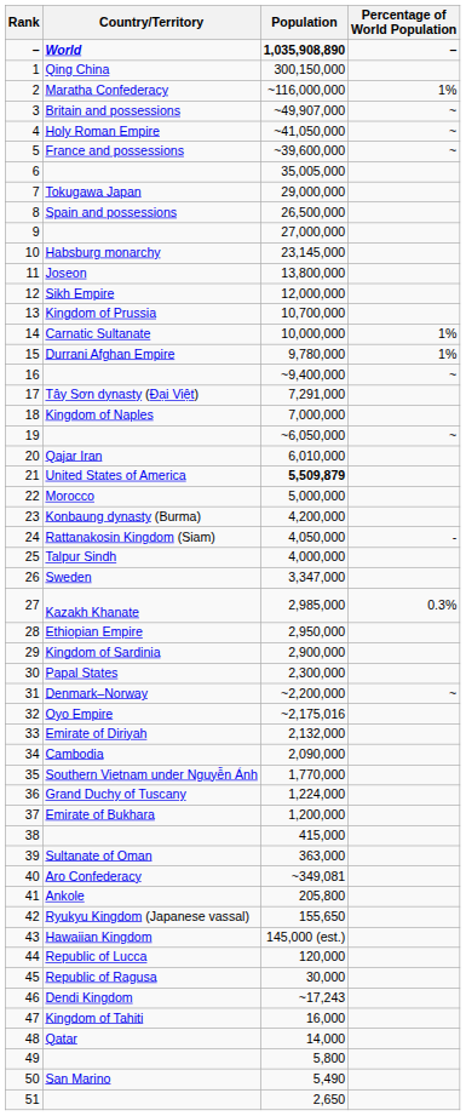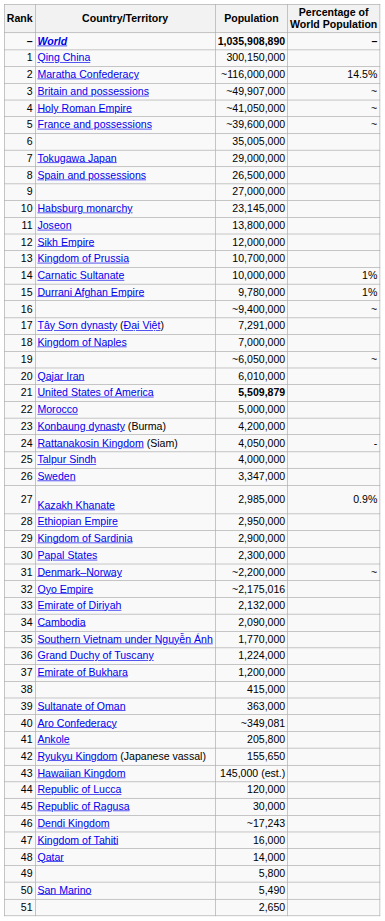 <table class="wikitable sortable sticky-header" style="text-align:right">
 <tr>
 <th>Rank</th>
 <th>Country/Territory</th>
 <th>Population </th>
 <th>Percentage of<br>World Population</th>
 </tr>
 <tr style="font-weight: bold;">
 <td>–</td>
 <td align="left"> <em><a href='#'>World</a></em></td>
 <td>1,035,908,890</td>
 <td>–</td>
 </tr>
 <tr>
 <td>1</td>
 <td align="left"> <a href='#'>Qing China</a><br></td>
 <td>300,150,000</td>
 <td></td>
 </tr>
 <tr>
 <td>2</td>
 <td align="left"> <a href='#'>Maratha Confederacy</a></td>
 <td>~116,000,000</td>
-<td>1%</td>
+<td>14.5%</td>
 </tr>
 <tr>
 <td>3</td>
 <td align="left"> <a href='#'>Britain and possessions</a><br></td>
 <td>~49,907,000</td>
 <td>~</td>
 </tr>
 <tr>
 <td>4</td>
 <td align="left"> <a href='#'>Holy Roman Empire</a><br></td>
 <td>~41,050,000</td>
 <td>~</td>
 </tr>
 <tr>
 <td>5</td>
 <td align="left"> <a href='#'>France and possessions</a><br></td>
 <td>~39,600,000</td>
 <td>~</td>
 </tr>
 <tr>
 <td>6</td>
 <td align="left"><br></td>
 <td>35,005,000</td>
 <td></td>
 </tr>
 <tr>
 <td>7</td>
 <td align="left"> <a href='#'>Tokugawa Japan</a></td>
 <td>29,000,000</td>
 <td></td>
 </tr>
 <tr>
 <td>8</td>
 <td align="left"> <a href='#'>Spain and possessions</a><br></td>
 <td>26,500,000</td>
 <td></td>
 </tr>
 <tr>
 <td>9</td>
 <td align="left"><br> </td>
 <td>27,000,000</td>
 <td></td>
 </tr>
 <tr>
 <td>10</td>
 <td align="left"> <a href='#'>Habsburg monarchy</a><br></td>
 <td>23,145,000</td>
 <td></td>
 </tr>
 <tr>
 <td>11</td>
 <td align="left"> <a href='#'>Joseon</a></td>
 <td>13,800,000</td>
 <td></td>
 </tr>
 <tr>
 <td>12</td>
 <td align="left"><a href='#'>Sikh Empire</a></td>
 <td>12,000,000</td>
 <td></td>
 </tr>
 <tr>
 <td>13</td>
 <td align="left"> <a href='#'>Kingdom of Prussia</a><br></td>
 <td>10,700,000 </td>
 <td></td>
 </tr>
 <tr>
 <td>14</td>
 <td align="left"> <a href='#'>Carnatic Sultanate</a></td>
 <td>10,000,000</td>
 <td>1%</td>
 </tr>
 <tr>
 <td>15</td>
 <td align="left"> <a href='#'>Durrani Afghan Empire</a></td>
 <td>9,780,000</td>
 <td>1%</td>
 </tr>
 <tr>
 <td>16</td>
 <td align="left"><br></td>
 <td>~9,400,000</td>
 <td>~</td>
 </tr>
 <tr>
 <td>17</td>
 <td align="left"> <a href='#'>Tây Sơn dynasty</a> (<a href='#'>Đại Việt</a>)</td>
 <td>7,291,000</td>
 <td></td>
 </tr>
 <tr>
 <td>18</td>
 <td align="left"> <a href='#'>Kingdom of Naples</a><br></td>
 <td>7,000,000</td>
 <td></td>
 </tr>
 <tr>
 <td>19</td>
 <td align="left"></td>
 <td>~6,050,000</td>
 <td>~</td>
 </tr>
 <tr>
 <td>20</td>
 <td align="left"> <a href='#'>Qajar Iran</a></td>
 <td>6,010,000</td>
 <td></td>
 </tr>
 <tr>
 <td>21</td>
 <td align="left"><a href='#'>United States of America</a></td>
 <td><strong>5,509,879</strong></td>
 <td></td>
 </tr>
 <tr>
 <td>22</td>
 <td align="left"> <a href='#'>Morocco</a></td>
 <td>5,000,000</td>
 <td></td>
 </tr>
 <tr>
 <td>23</td>
 <td style="text-align:left;"><a href='#'>Konbaung dynasty</a> (Burma)</td>
 <td>4,200,000</td>
 <td></td>
 </tr>
 <tr>
 <td>24</td>
 <td align="left"><a href='#'>Rattanakosin Kingdom</a> (Siam)</td>
 <td>4,050,000</td>
 <td>-</td>
 </tr>
 <tr>
 <td>25</td>
 <td style="text-align:left;"> <a href='#'>Talpur Sindh</a></td>
 <td>4,000,000</td>
 <td></td>
 </tr>
 <tr>
 <td>26</td>
 <td align="left"><a href='#'>Sweden</a></td>
 <td>3,347,000</td>
 <td></td>
 </tr>
 <tr>
 <td>27</td>
 <td align="left"><br> <a href='#'>Kazakh Khanate</a></td>
 <td>2,985,000</td>
-<td>0.3%</td>
+<td>0.9%</td>
 </tr>
 <tr>
 <td>28</td>
 <td align="left"> <a href='#'>Ethiopian Empire</a></td>
 <td>2,950,000</td>
 <td></td>
 </tr>
 <tr>
 <td>29</td>
 <td align="left"> <a href='#'>Kingdom of Sardinia</a></td>
 <td>2,900,000</td>
 <td></td>
 </tr>
 <tr>
 <td>30</td>
 <td align="left"><a href='#'>Papal States</a></td>
 <td>2,300,000</td>
 <td></td>
 </tr>
 <tr>
 <td>31</td>
 <td align="left"> <a href='#'>Denmark–Norway</a><br></td>
 <td>~2,200,000</td>
 <td>~</td>
 </tr>
 <tr>
 <td>32</td>
 <td align="left"><a href='#'>Oyo Empire</a><a href='#'></a></td>
 <td>~2,175,016</td>
 <td></td>
 </tr>
 <tr>
 <td>33</td>
 <td align="left"> <a href='#'>Emirate of Diriyah</a><br></td>
 <td>2,132,000</td>
 <td></td>
 </tr>
 <tr>
 <td>34</td>
 <td align="left"> <a href='#'>Cambodia</a></td>
 <td>2,090,000</td>
 <td></td>
 </tr>
 <tr>
 <td>35</td>
 <td align="left"><a href='#'>Southern Vietnam under Nguyễn Ánh</a></td>
 <td>1,770,000</td>
 <td></td>
 </tr>
 <tr>
 <td>36</td>
 <td align="left"><a href='#'>Grand Duchy of Tuscany</a></td>
 <td>1,224,000</td>
 <td></td>
 </tr>
 <tr>
 <td>37</td>
 <td align="left"> <a href='#'>Emirate of Bukhara</a></td>
 <td>1,200,000</td>
 <td></td>
 </tr>
 <tr>
 <td>38</td>
 <td align="left"></td>
 <td>415,000</td>
 <td></td>
 </tr>
 <tr>
 <td>39</td>
 <td align="left"> <a href='#'>Sultanate of Oman</a><br></td>
 <td>363,000</td>
 <td></td>
 </tr>
 <tr>
 <td>40</td>
 <td align="left"><a href='#'>Aro Confederacy</a></td>
 <td>~349,081</td>
 <td></td>
 </tr>
 <tr>
 <td>41</td>
 <td align="left"> <a href='#'>Ankole</a></td>
 <td>205,800</td>
 <td></td>
 </tr>
 <tr>
 <td>42</td>
 <td align="left"> <a href='#'>Ryukyu Kingdom</a> (Japanese vassal)</td>
 <td>155,650</td>
 <td></td>
 </tr>
 <tr>
 <td>43</td>
 <td align="left"> <a href='#'>Hawaiian Kingdom</a></td>
 <td>145,000 (est.)</td>
 <td></td>
 </tr>
 <tr>
 <td>44</td>
 <td align="left"> <a href='#'>Republic of Lucca</a></td>
 <td>120,000</td>
 <td></td>
 </tr>
 <tr>
 <td>45</td>
 <td align="left"> <a href='#'>Republic of Ragusa</a></td>
 <td>30,000</td>
 <td></td>
 </tr>
 <tr>
 <td>46</td>
 <td align="left"><a href='#'>Dendi Kingdom</a></td>
 <td>~17,243</td>
 <td></td>
 </tr>
 <tr>
 <td>47</td>
 <td align="left"> <a href='#'>Kingdom of Tahiti</a></td>
 <td>16,000</td>
 <td></td>
 </tr>
 <tr>
 <td>48</td>
 <td align="left"> <a href='#'>Qatar</a></td>
 <td>14,000</td>
 <td></td>
 </tr>
 <tr>
 <td>49</td>
 <td align="left"></td>
 <td>5,800</td>
 <td></td>
 </tr>
 <tr>
 <td>50</td>
 <td align="left"><a href='#'>San Marino</a></td>
 <td>5,490</td>
 <td></td>
 </tr>
 <tr>
 <td>51</td>
 <td align="left"></td>
 <td>2,650</td>
 <td></td>
 </tr>
 </table>
